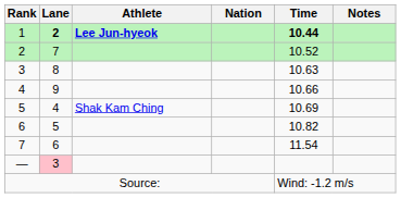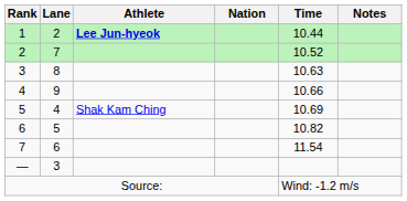 <table class="wikitable sortable" style="text-align:center;width: 60%;">
 <tr>
 <th scope="col" style="width: 10px;">Rank</th>
 <th scope="col" style="width: 10px;">Lane</th>
 <th scope="col">Athlete</th>
 <th scope="col">Nation</th>
 <th scope="col">Time</th>
 <th scope="col">Notes</th>
 </tr>
 <tr bgcolor=bbf3bb>
 <td>1</td>
-<td><strong>2</strong></td>
+<td>2</td>
 <td align=left><strong><a href='#'>Lee Jun-hyeok</a></strong></td>
 <td align=left></td>
-<td><strong>10.44</strong></td>
+<td>10.44</td>
 <td></td>
 </tr>
 <tr bgcolor=bbf3bb>
 <td>2</td>
 <td>7</td>
 <td align=left></td>
 <td align=left></td>
 <td>10.52</td>
 <td></td>
 </tr>
 <tr>
 <td>3</td>
 <td>8</td>
 <td align=left></td>
 <td align=left></td>
 <td>10.63</td>
 <td></td>
 </tr>
 <tr>
 <td>4</td>
 <td>9</td>
 <td align=left></td>
 <td align=left></td>
 <td>10.66</td>
 <td></td>
 </tr>
 <tr>
 <td>5</td>
 <td>4</td>
 <td align=left><a href='#'>Shak Kam Ching</a></td>
 <td align=left></td>
 <td>10.69</td>
 <td></td>
 </tr>
 <tr>
 <td>6</td>
 <td>5</td>
 <td align=left></td>
 <td align=left></td>
 <td>10.82</td>
 <td></td>
 </tr>
 <tr>
 <td>7</td>
 <td>6</td>
 <td align=left></td>
 <td align=left></td>
 <td>11.54</td>
 <td></td>
 </tr>
 <tr>
 <td>—</td>
-<td style="background: pink;">3</td>
+<td>3</td>
 <td align=left></td>
 <td align=left></td>
 <td></td>
 <td></td>
 </tr>
 <tr class="sortbottom">
 <td colspan="4">Source:</td>
 <td colspan="2" style="text-align:left;">Wind: -1.2 m/s</td>
 </tr>
 </table>
